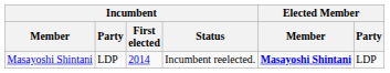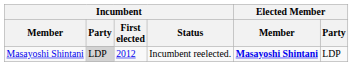 <table class="wikitable sortable">
 <tr>
 <th colspan=4>Incumbent</th>
 <th colspan=2>Elected Member</th>
 </tr>
 <tr>
 <th>Member</th>
 <th>Party</th>
 <th>First<br>elected</th>
 <th>Status</th>
 <th>Member</th>
 <th>Party</th>
 </tr>
 <tr>
 <td><a href='#'>Masayoshi Shintani</a></td>
-<td>LDP</td>
-<td><a href='#'>2014</a></td>
+<td style="background: lightgrey;">LDP</td>
+<td><a href='#'>2012</a></td>
 <td>Incumbent reelected.</td>
 <td><strong><a href='#'>Masayoshi Shintani</a></strong></td>
 <td>LDP</td>
 </tr>
 </table>
